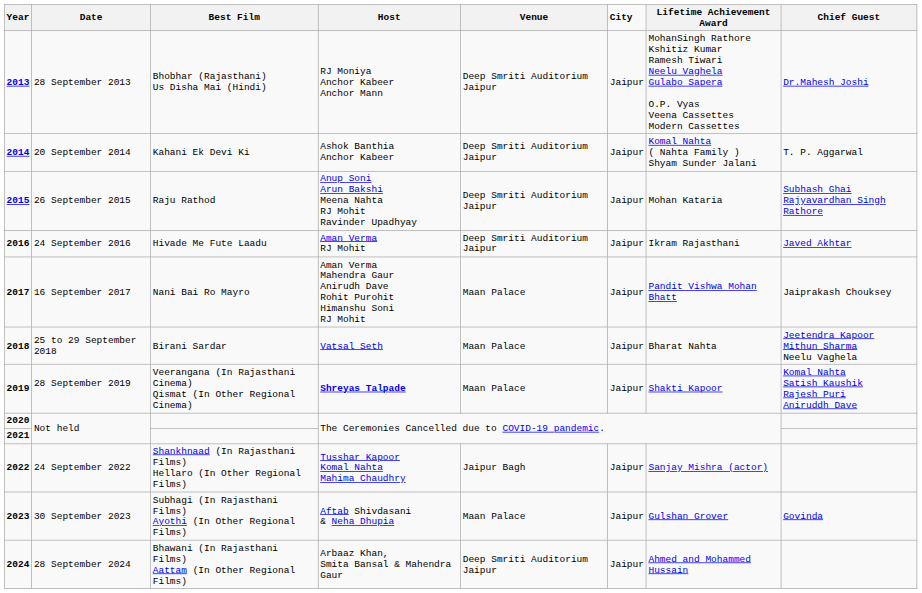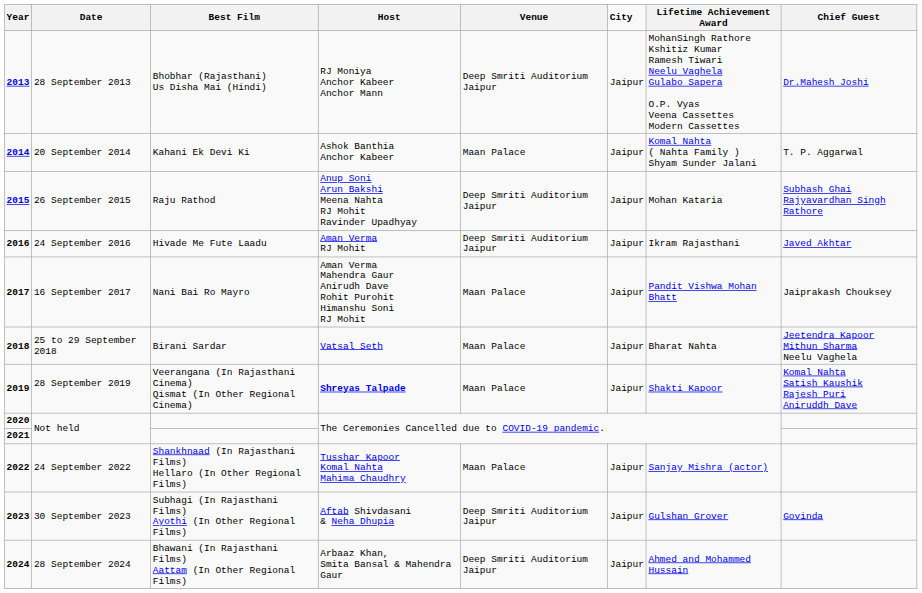 <table class="wikitable">
 <tr>
 <th>Year</th>
 <th><strong>Date</strong></th>
 <th><strong>Best Film</strong></th>
 <th><strong>Host</strong></th>
 <th><strong>Venue</strong></th>
 <td><strong>City</strong></td>
 <th><strong>Lifetime Achievement Award</strong></th>
 <th>Chief  Guest</th>
 </tr>
 <tr>
 <td><strong><a href='#'>2013</a></strong></td>
 <td>28 September 2013</td>
 <td>Bhobhar (Rajasthani)<br>Us Disha Mai (Hindi)</td>
 <td>RJ Moniya<br>Anchor Kabeer<br>Anchor Mann</td>
 <td>Deep Smriti Auditorium Jaipur</td>
 <td>Jaipur</td>
 <td>MohanSingh Rathore<br>Kshitiz Kumar<br>Ramesh Tiwari<br><a href='#'>Neelu Vaghela</a><br><a href='#'>Gulabo Sapera</a><br><br>O.P. Vyas<br>Veena Cassettes<br>Modern Cassettes</td>
 <td><a href='#'>Dr.Mahesh Joshi</a></td>
 </tr>
 <tr>
 <td><strong><a href='#'>2014</a></strong></td>
 <td>20 September 2014</td>
 <td>Kahani Ek Devi Ki</td>
 <td>Ashok Banthia<br>Anchor Kabeer</td>
-<td>Deep Smriti Auditorium Jaipur</td>
+<td>Maan Palace</td>
 <td>Jaipur</td>
 <td><a href='#'>Komal Nahta</a><br>( Nahta Family )<br>Shyam Sunder Jalani</td>
 <td>T. P. Aggarwal</td>
 </tr>
 <tr>
 <td><strong><a href='#'>2015</a></strong></td>
 <td>26 September 2015</td>
 <td>Raju Rathod</td>
 <td><a href='#'>Anup Soni</a><br><a href='#'>Arun Bakshi</a><br>Meena Nahta<br>RJ Mohit<br>Ravinder Upadhyay</td>
 <td>Deep Smriti Auditorium Jaipur</td>
 <td>Jaipur</td>
 <td>Mohan Kataria</td>
 <td><a href='#'>Subhash Ghai</a><br><a href='#'>Rajyavardhan Singh Rathore</a></td>
 </tr>
 <tr>
 <td><strong>2016</strong></td>
 <td>24 September 2016</td>
 <td>Hivade Me Fute Laadu</td>
 <td><a href='#'>Aman Verma</a><br>RJ Mohit</td>
 <td>Deep Smriti Auditorium Jaipur</td>
 <td>Jaipur</td>
 <td>Ikram Rajasthani</td>
 <td><a href='#'>Javed Akhtar</a></td>
 </tr>
 <tr>
 <td><strong>2017</strong></td>
 <td>16 September 2017</td>
 <td>Nani Bai Ro Mayro</td>
 <td>Aman Verma<br>Mahendra Gaur<br>Anirudh Dave<br>Rohit Purohit<br>Himanshu Soni<br>RJ Mohit</td>
 <td>Maan Palace</td>
 <td>Jaipur</td>
 <td><a href='#'>Pandit Vishwa Mohan Bhatt</a></td>
 <td>Jaiprakash Chouksey</td>
 </tr>
 <tr>
 <td><strong>2018</strong></td>
 <td>25 to 29 September 2018</td>
 <td>Birani Sardar</td>
 <td><a href='#'>Vatsal Seth</a></td>
 <td>Maan Palace</td>
 <td>Jaipur</td>
 <td>Bharat Nahta</td>
 <td><a href='#'>Jeetendra Kapoor</a><br><a href='#'>Mithun Sharma</a><br>Neelu Vaghela</td>
 </tr>
 <tr>
 <td><strong>2019</strong></td>
 <td>28 September 2019<br><br></td>
 <td>Veerangana (In Rajasthani Cinema)<br>Qismat (In Other Regional Cinema) <br></td>
 <td><strong><a href='#'>Shreyas Talpade</a></strong></td>
 <td>Maan Palace</td>
 <td>Jaipur</td>
 <td><a href='#'>Shakti Kapoor</a></td>
 <td><a href='#'>Komal Nahta</a><br><a href='#'>Satish Kaushik</a><br><a href='#'>Rajesh Puri</a><br><a href='#'>Aniruddh Dave</a></td>
 </tr>
 <tr>
 <td><strong>2020</strong></td>
 <td rowspan="2">Not held</td>
 <td></td>
 <td colspan="4" rowspan="2">The Ceremonies Cancelled due to <a href='#'>COVID-19 pandemic</a>.</td>
 <td></td>
 </tr>
 <tr>
 <td><strong>2021</strong></td>
 <td></td>
 <td></td>
 </tr>
 <tr>
 <td><strong>2022</strong></td>
 <td>24 September 2022</td>
 <td><a href='#'>Shankhnaad</a> (In Rajasthani Films)<br>Hellaro (In Other Regional Films)</td>
 <td><a href='#'>Tusshar Kapoor</a><br><a href='#'>Komal Nahta</a><br><a href='#'>Mahima Chaudhry</a></td>
-<td>Jaipur Bagh</td>
+<td>Maan Palace</td>
 <td>Jaipur</td>
 <td><a href='#'>Sanjay Mishra (actor)</a></td>
 <td></td>
 </tr>
 <tr>
 <td><strong>2023</strong></td>
 <td>30 September 2023</td>
 <td>Subhagi (In Rajasthani Films)<br><a href='#'>Ayothi</a> (In Other Regional Films)</td>
 <td><a href='#'>Aftab</a> Shivdasani<br>& <a href='#'>Neha Dhupia</a></td>
-<td>Maan Palace</td>
+<td>Deep Smriti Auditorium Jaipur</td>
 <td>Jaipur</td>
 <td><a href='#'>Gulshan Grover</a></td>
 <td><a href='#'>Govinda</a></td>
 </tr>
 <tr>
 <td><strong>2024</strong></td>
 <td>28 September  2024</td>
 <td>Bhawani (In Rajasthani Films)<br><a href='#'>Aattam</a> (In Other Regional Films)</td>
 <td>Arbaaz Khan,<br>Smita Bansal & Mahendra Gaur</td>
 <td>Deep Smriti Auditorium Jaipur</td>
 <td>Jaipur</td>
 <td><a href='#'>Ahmed and Mohammed Hussain</a></td>
 <td></td>
 </tr>
 </table>
